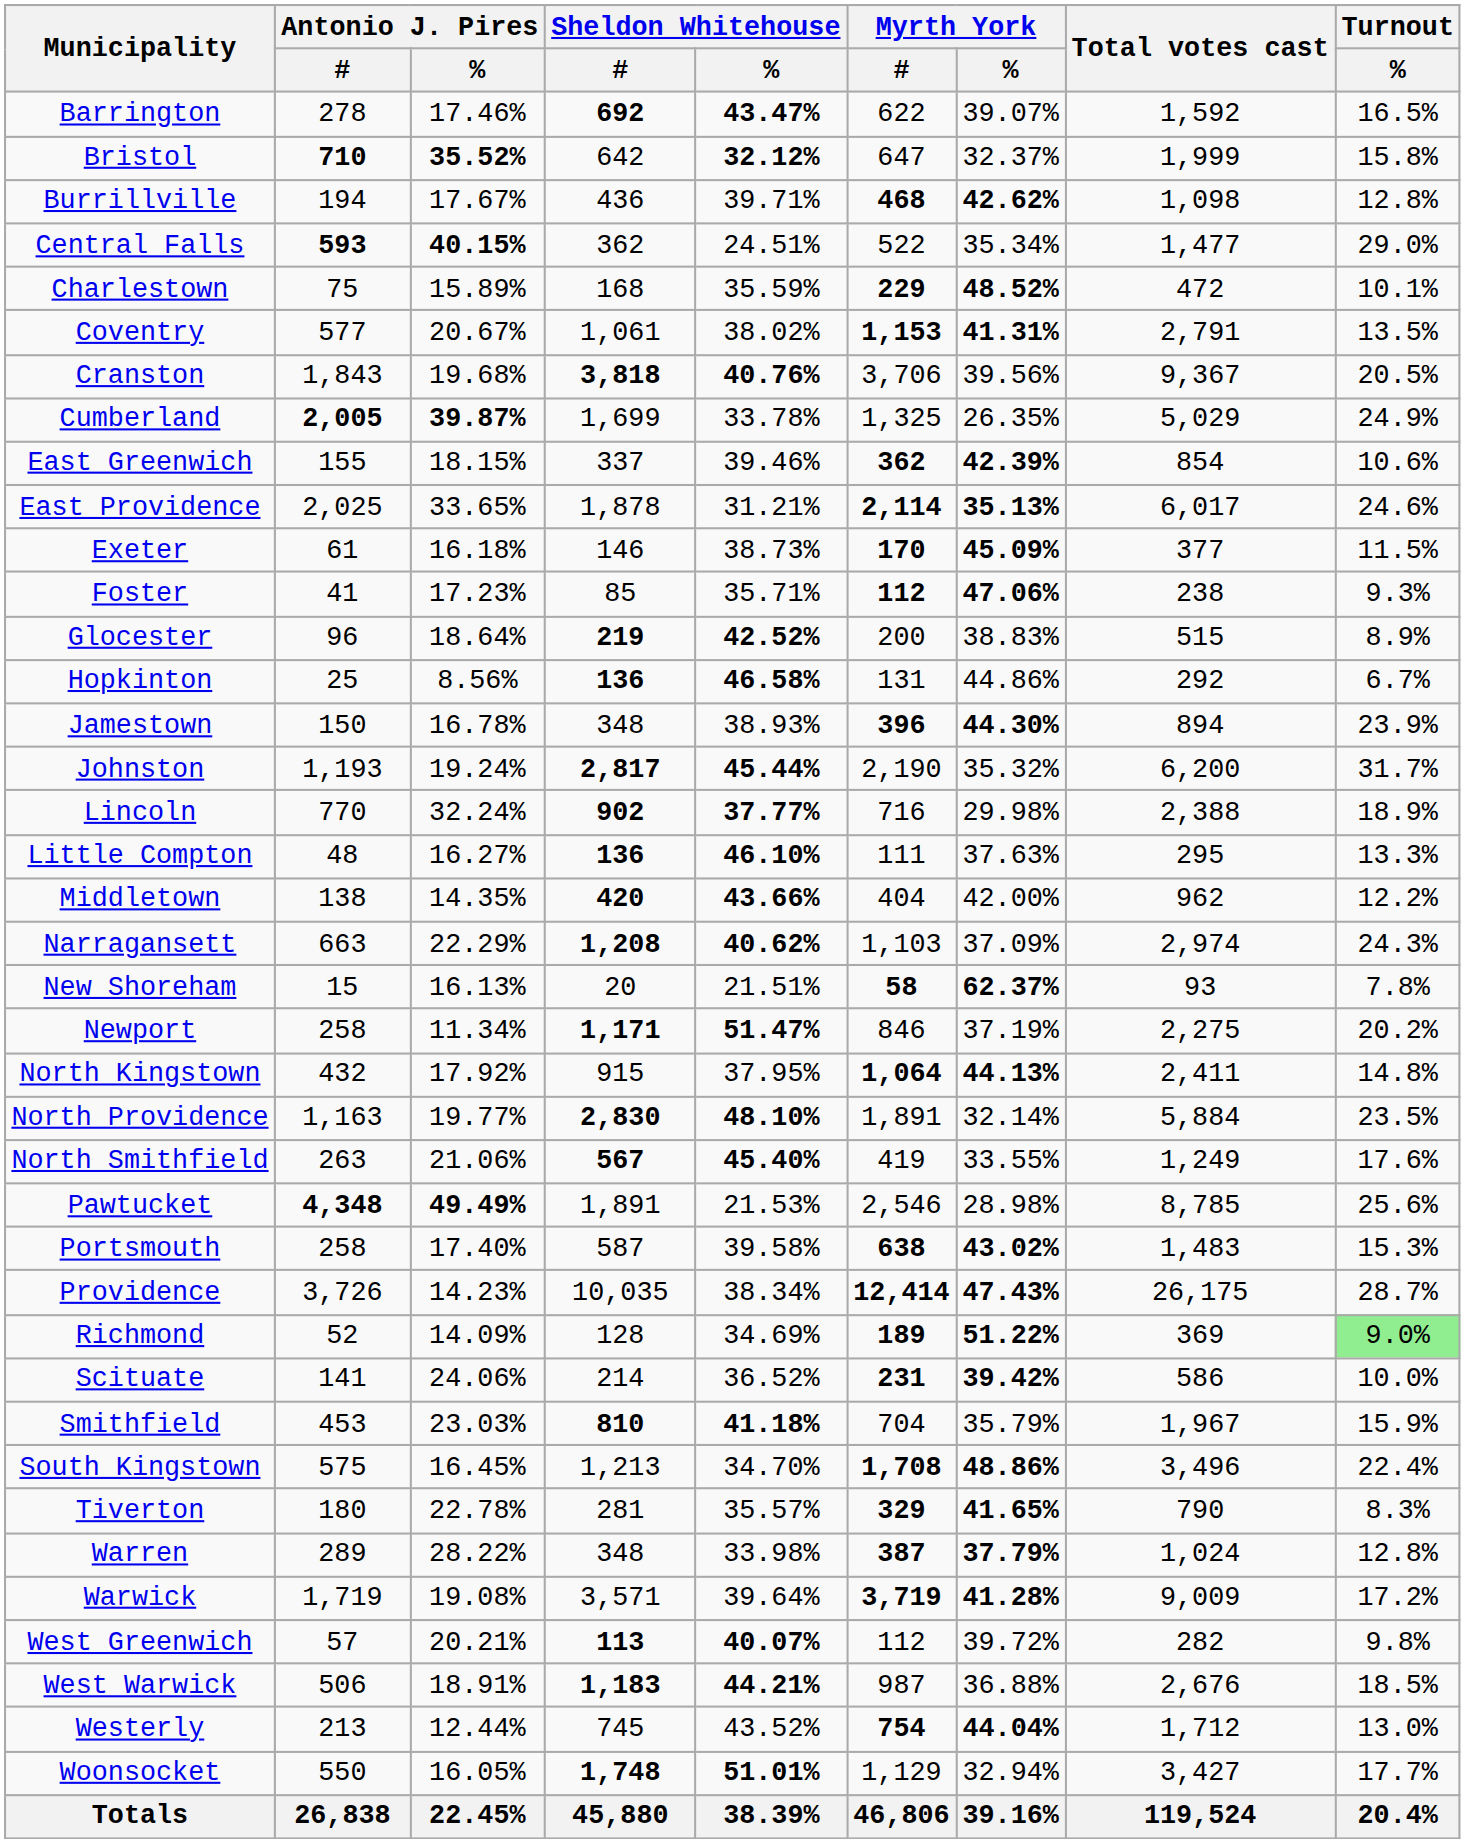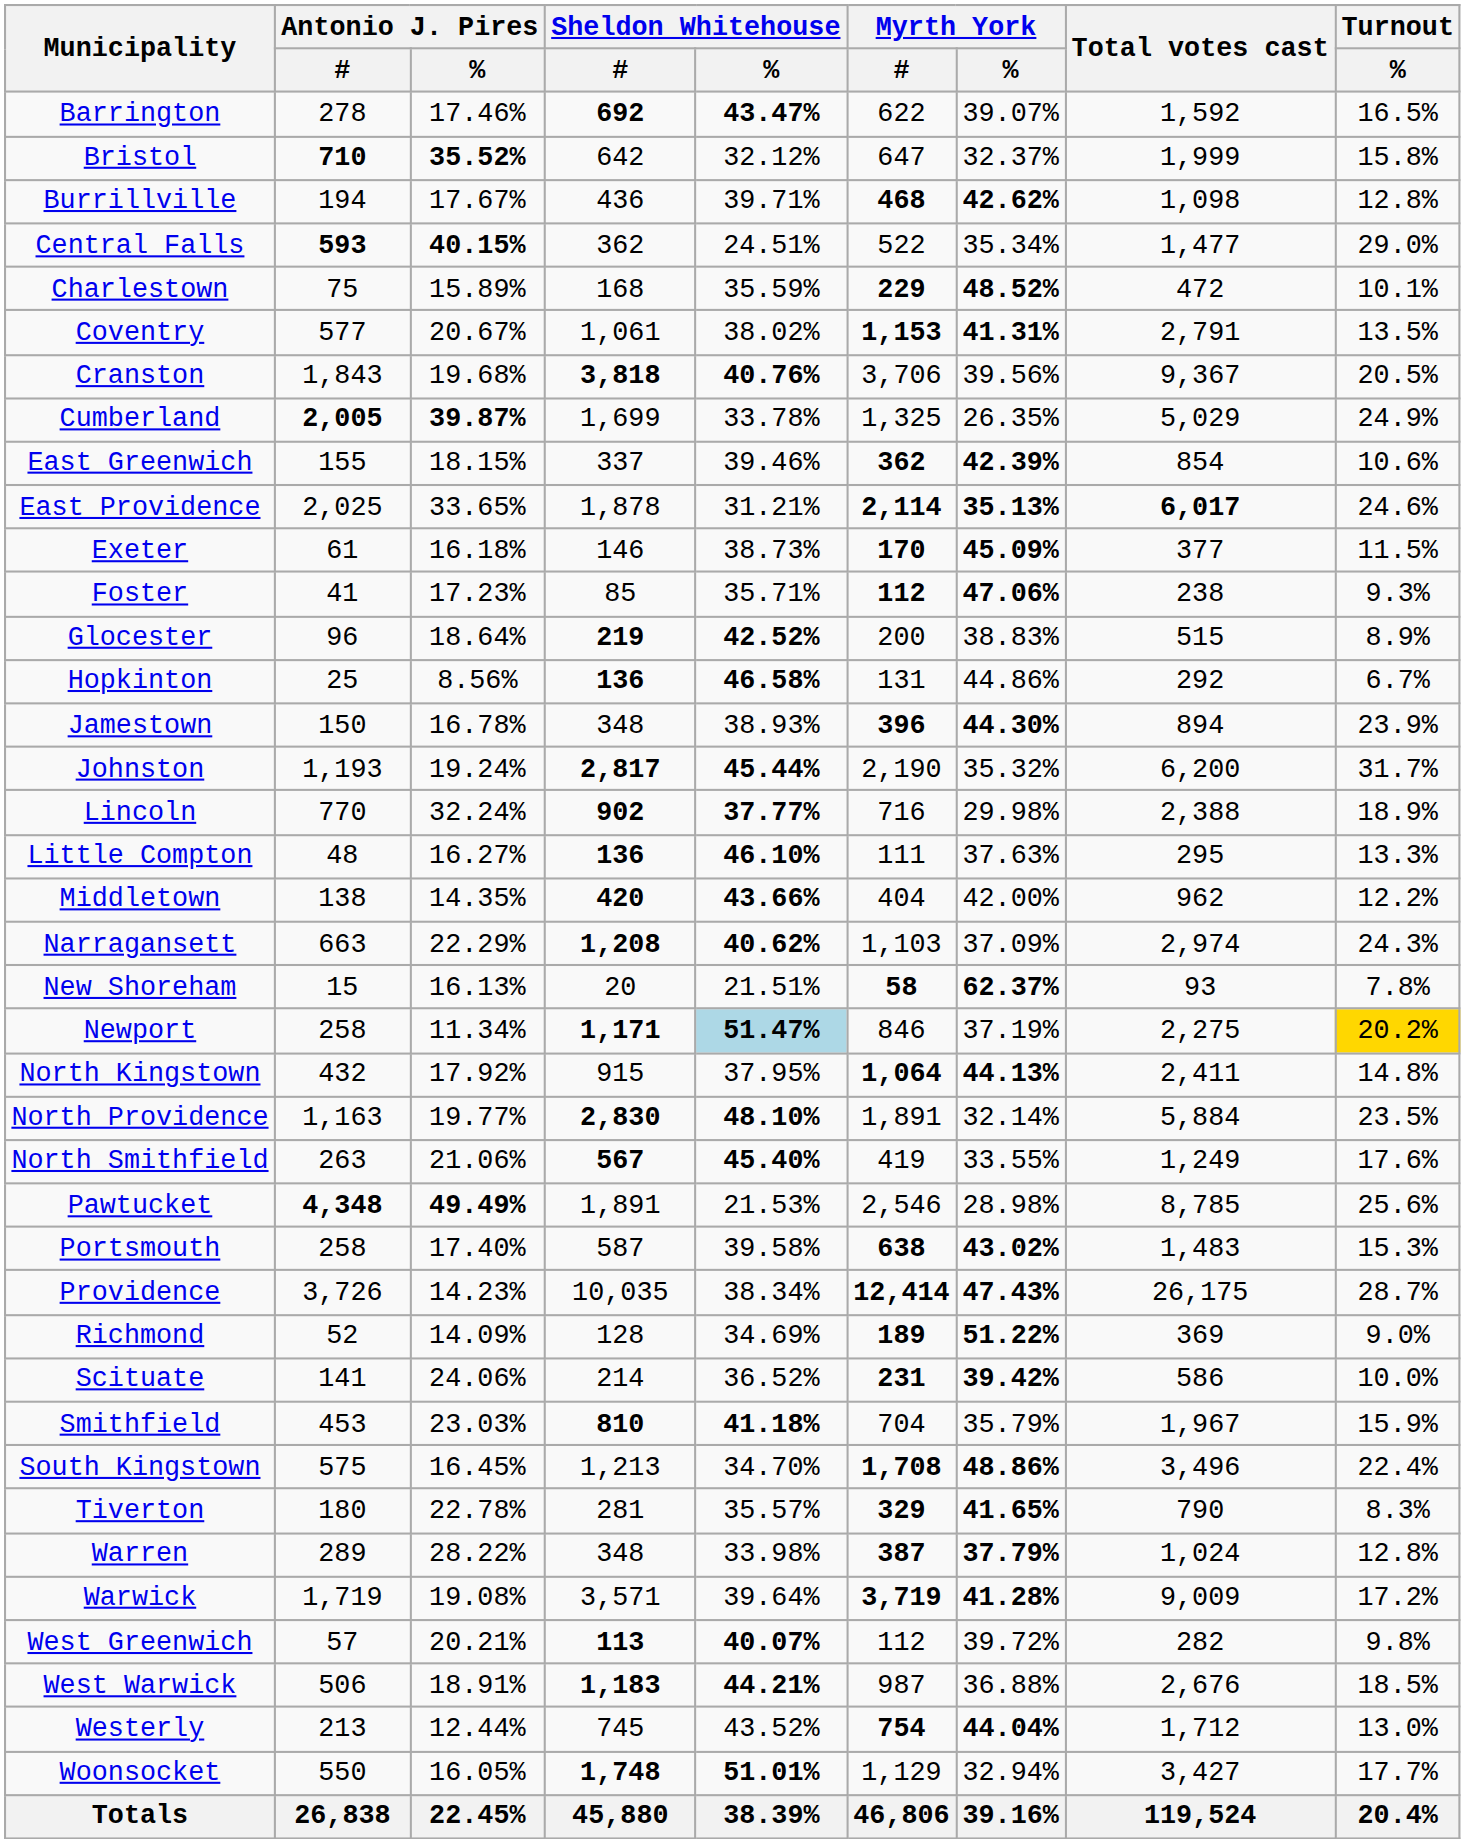 <table class="wikitable sortable">
 <tr>
 <th rowspan="2">Municipality</th>
 <th colspan="2">Antonio J. Pires</th>
 <th colspan="2"><a href='#'>Sheldon Whitehouse</a></th>
 <th colspan="2"><a href='#'>Myrth York</a></th>
 <th rowspan="2">Total votes cast</th>
 <th rowspan="1">Turnout</th>
 </tr>
 <tr>
 <th data-sort-type="number" style="text-align:center;">#</th>
 <th data-sort-type="number" style="text-align:center;">%</th>
 <th data-sort-type="number" style="text-align:center;">#</th>
 <th data-sort-type="number" style="text-align:center;">%</th>
 <th data-sort-type="number" style="text-align:center;">#</th>
 <th data-sort-type="number" style="text-align:center;">%</th>
 <th data-sort-type="number" style="text-align:center;">%</th>
 </tr>
 <tr style="text-align:center;">
 <td><a href='#'>Barrington</a></td>
 <td>278</td>
 <td>17.46%</td>
 <td><strong>692</strong></td>
 <td><strong>43.47%</strong></td>
 <td>622</td>
 <td>39.07%</td>
 <td>1,592</td>
 <td>16.5%</td>
 </tr>
 <tr style="text-align:center;">
 <td><a href='#'>Bristol</a></td>
 <td><strong>710</strong></td>
 <td><strong>35.52%</strong></td>
 <td>642</td>
-<td><strong>32.12%</strong></td>
+<td>32.12%</td>
 <td>647</td>
 <td>32.37%</td>
 <td>1,999</td>
 <td>15.8%</td>
 </tr>
 <tr style="text-align:center;">
 <td><a href='#'>Burrillville</a></td>
 <td>194</td>
 <td>17.67%</td>
 <td>436</td>
 <td>39.71%</td>
 <td><strong>468</strong></td>
 <td><strong>42.62%</strong></td>
 <td>1,098</td>
 <td>12.8%</td>
 </tr>
 <tr style="text-align:center;">
 <td><a href='#'>Central Falls</a></td>
 <td><strong>593</strong></td>
 <td><strong>40.15%</strong></td>
 <td>362</td>
 <td>24.51%</td>
 <td>522</td>
 <td>35.34%</td>
 <td>1,477</td>
 <td>29.0%</td>
 </tr>
 <tr style="text-align:center;">
 <td><a href='#'>Charlestown</a></td>
 <td>75</td>
 <td>15.89%</td>
 <td>168</td>
 <td>35.59%</td>
 <td><strong>229</strong></td>
 <td><strong>48.52%</strong></td>
 <td>472</td>
 <td>10.1%</td>
 </tr>
 <tr style="text-align:center;">
 <td><a href='#'>Coventry</a></td>
 <td>577</td>
 <td>20.67%</td>
 <td>1,061</td>
 <td>38.02%</td>
 <td><strong>1,153</strong></td>
 <td><strong>41.31%</strong></td>
 <td>2,791</td>
 <td>13.5%</td>
 </tr>
 <tr style="text-align:center;">
 <td><a href='#'>Cranston</a></td>
 <td>1,843</td>
 <td>19.68%</td>
 <td><strong>3,818</strong></td>
 <td><strong>40.76%</strong></td>
 <td>3,706</td>
 <td>39.56%</td>
 <td>9,367</td>
 <td>20.5%</td>
 </tr>
 <tr style="text-align:center;">
 <td><a href='#'>Cumberland</a></td>
 <td><strong>2,005</strong></td>
 <td><strong>39.87%</strong></td>
 <td>1,699</td>
 <td>33.78%</td>
 <td>1,325</td>
 <td>26.35%</td>
 <td>5,029</td>
 <td>24.9%</td>
 </tr>
 <tr style="text-align:center;">
 <td><a href='#'>East Greenwich</a></td>
 <td>155</td>
 <td>18.15%</td>
 <td>337</td>
 <td>39.46%</td>
 <td><strong>362</strong></td>
 <td><strong>42.39%</strong></td>
 <td>854</td>
 <td>10.6%</td>
 </tr>
 <tr style="text-align:center;">
 <td><a href='#'>East Providence</a></td>
 <td>2,025</td>
 <td>33.65%</td>
 <td>1,878</td>
 <td>31.21%</td>
 <td><strong>2,114</strong></td>
 <td><strong>35.13%</strong></td>
-<td>6,017</td>
+<td><strong>6,017</strong></td>
 <td>24.6%</td>
 </tr>
 <tr style="text-align:center;">
 <td><a href='#'>Exeter</a></td>
 <td>61</td>
 <td>16.18%</td>
 <td>146</td>
 <td>38.73%</td>
 <td><strong>170</strong></td>
 <td><strong>45.09%</strong></td>
 <td>377</td>
 <td>11.5%</td>
 </tr>
 <tr style="text-align:center;">
 <td><a href='#'>Foster</a></td>
 <td>41</td>
 <td>17.23%</td>
 <td>85</td>
 <td>35.71%</td>
 <td><strong>112</strong></td>
 <td><strong>47.06%</strong></td>
 <td>238</td>
 <td>9.3%</td>
 </tr>
 <tr style="text-align:center;">
 <td><a href='#'>Glocester</a></td>
 <td>96</td>
 <td>18.64%</td>
 <td><strong>219</strong></td>
 <td><strong>42.52%</strong></td>
 <td>200</td>
 <td>38.83%</td>
 <td>515</td>
 <td>8.9%</td>
 </tr>
 <tr style="text-align:center;">
 <td><a href='#'>Hopkinton</a></td>
 <td>25</td>
 <td>8.56%</td>
 <td><strong>136</strong></td>
 <td><strong>46.58%</strong></td>
 <td>131</td>
 <td>44.86%</td>
 <td>292</td>
 <td>6.7%</td>
 </tr>
 <tr style="text-align:center;">
 <td><a href='#'>Jamestown</a></td>
 <td>150</td>
 <td>16.78%</td>
 <td>348</td>
 <td>38.93%</td>
 <td><strong>396</strong></td>
 <td><strong>44.30%</strong></td>
 <td>894</td>
 <td>23.9%</td>
 </tr>
 <tr style="text-align:center;">
 <td><a href='#'>Johnston</a></td>
 <td>1,193</td>
 <td>19.24%</td>
 <td><strong>2,817</strong></td>
 <td><strong>45.44%</strong></td>
 <td>2,190</td>
 <td>35.32%</td>
 <td>6,200</td>
 <td>31.7%</td>
 </tr>
 <tr style="text-align:center;">
 <td><a href='#'>Lincoln</a></td>
 <td>770</td>
 <td>32.24%</td>
 <td><strong>902</strong></td>
 <td><strong>37.77%</strong></td>
 <td>716</td>
 <td>29.98%</td>
 <td>2,388</td>
 <td>18.9%</td>
 </tr>
 <tr style="text-align:center;">
 <td><a href='#'>Little Compton</a></td>
 <td>48</td>
 <td>16.27%</td>
 <td><strong>136</strong></td>
 <td><strong>46.10%</strong></td>
 <td>111</td>
 <td>37.63%</td>
 <td>295</td>
 <td>13.3%</td>
 </tr>
 <tr style="text-align:center;">
 <td><a href='#'>Middletown</a></td>
 <td>138</td>
 <td>14.35%</td>
 <td><strong>420</strong></td>
 <td><strong>43.66%</strong></td>
 <td>404</td>
 <td>42.00%</td>
 <td>962</td>
 <td>12.2%</td>
 </tr>
 <tr style="text-align:center;">
 <td><a href='#'>Narragansett</a></td>
 <td>663</td>
 <td>22.29%</td>
 <td><strong>1,208</strong></td>
 <td><strong>40.62%</strong></td>
 <td>1,103</td>
 <td>37.09%</td>
 <td>2,974</td>
 <td>24.3%</td>
 </tr>
 <tr style="text-align:center;">
 <td><a href='#'>New Shoreham</a></td>
 <td>15</td>
 <td>16.13%</td>
 <td>20</td>
 <td>21.51%</td>
 <td><strong>58</strong></td>
 <td><strong>62.37%</strong></td>
 <td>93</td>
 <td>7.8%</td>
 </tr>
 <tr style="text-align:center;">
 <td><a href='#'>Newport</a></td>
 <td>258</td>
 <td>11.34%</td>
 <td><strong>1,171</strong></td>
-<td><strong>51.47%</strong></td>
+<td style="background: lightblue;"><strong>51.47%</strong></td>
 <td>846</td>
 <td>37.19%</td>
 <td>2,275</td>
-<td>20.2%</td>
+<td style="background: gold;">20.2%</td>
 </tr>
 <tr style="text-align:center;">
 <td><a href='#'>North Kingstown</a></td>
 <td>432</td>
 <td>17.92%</td>
 <td>915</td>
 <td>37.95%</td>
 <td><strong>1,064</strong></td>
 <td><strong>44.13%</strong></td>
 <td>2,411</td>
 <td>14.8%</td>
 </tr>
 <tr style="text-align:center;">
 <td><a href='#'>North Providence</a></td>
 <td>1,163</td>
 <td>19.77%</td>
 <td><strong>2,830</strong></td>
 <td><strong>48.10%</strong></td>
 <td>1,891</td>
 <td>32.14%</td>
 <td>5,884</td>
 <td>23.5%</td>
 </tr>
 <tr style="text-align:center;">
 <td><a href='#'>North Smithfield</a></td>
 <td>263</td>
 <td>21.06%</td>
 <td><strong>567</strong></td>
 <td><strong>45.40%</strong></td>
 <td>419</td>
 <td>33.55%</td>
 <td>1,249</td>
 <td>17.6%</td>
 </tr>
 <tr style="text-align:center;">
 <td><a href='#'>Pawtucket</a></td>
 <td><strong>4,348</strong></td>
 <td><strong>49.49%</strong></td>
 <td>1,891</td>
 <td>21.53%</td>
 <td>2,546</td>
 <td>28.98%</td>
 <td>8,785</td>
 <td>25.6%</td>
 </tr>
 <tr style="text-align:center;">
 <td><a href='#'>Portsmouth</a></td>
 <td>258</td>
 <td>17.40%</td>
 <td>587</td>
 <td>39.58%</td>
 <td><strong>638</strong></td>
 <td><strong>43.02%</strong></td>
 <td>1,483</td>
 <td>15.3%</td>
 </tr>
 <tr style="text-align:center;">
 <td><a href='#'>Providence</a></td>
 <td>3,726</td>
 <td>14.23%</td>
 <td>10,035</td>
 <td>38.34%</td>
 <td><strong>12,414</strong></td>
 <td><strong>47.43%</strong></td>
 <td>26,175</td>
 <td>28.7%</td>
 </tr>
 <tr style="text-align:center;">
 <td><a href='#'>Richmond</a></td>
 <td>52</td>
 <td>14.09%</td>
 <td>128</td>
 <td>34.69%</td>
 <td><strong>189</strong></td>
 <td><strong>51.22%</strong></td>
 <td>369</td>
-<td style="background: lightgreen;">9.0%</td>
+<td>9.0%</td>
 </tr>
 <tr - style="text-align:center;">
 <td><a href='#'>Scituate</a></td>
 <td>141</td>
 <td>24.06%</td>
 <td>214</td>
 <td>36.52%</td>
 <td><strong>231</strong></td>
 <td><strong>39.42%</strong></td>
 <td>586</td>
 <td>10.0%</td>
 </tr>
 <tr - style="text-align:center;">
 <td><a href='#'>Smithfield</a></td>
 <td>453</td>
 <td>23.03%</td>
 <td><strong>810</strong></td>
 <td><strong>41.18%</strong></td>
 <td>704</td>
 <td>35.79%</td>
 <td>1,967</td>
 <td>15.9%</td>
 </tr>
 <tr - style="text-align:center;">
 <td><a href='#'>South Kingstown</a></td>
 <td>575</td>
 <td>16.45%</td>
 <td>1,213</td>
 <td>34.70%</td>
 <td><strong>1,708</strong></td>
 <td><strong>48.86%</strong></td>
 <td>3,496</td>
 <td>22.4%</td>
 </tr>
 <tr - style="text-align:center;">
 <td><a href='#'>Tiverton</a></td>
 <td>180</td>
 <td>22.78%</td>
 <td>281</td>
 <td>35.57%</td>
 <td><strong>329</strong></td>
 <td><strong>41.65%</strong></td>
 <td>790</td>
 <td>8.3%</td>
 </tr>
 <tr - style="text-align:center;">
 <td><a href='#'>Warren</a></td>
 <td>289</td>
 <td>28.22%</td>
 <td>348</td>
 <td>33.98%</td>
 <td><strong>387</strong></td>
 <td><strong>37.79%</strong></td>
 <td>1,024</td>
 <td>12.8%</td>
 </tr>
 <tr - style="text-align:center;">
 <td><a href='#'>Warwick</a></td>
 <td>1,719</td>
 <td>19.08%</td>
 <td>3,571</td>
 <td>39.64%</td>
 <td><strong>3,719</strong></td>
 <td><strong>41.28%</strong></td>
 <td>9,009</td>
 <td>17.2%</td>
 </tr>
 <tr - style="text-align:center;">
 <td><a href='#'>West Greenwich</a></td>
 <td>57</td>
 <td>20.21%</td>
 <td><strong>113</strong></td>
 <td><strong>40.07%</strong></td>
 <td>112</td>
 <td>39.72%</td>
 <td>282</td>
 <td>9.8%</td>
 </tr>
 <tr - style="text-align:center;">
 <td><a href='#'>West Warwick</a></td>
 <td>506</td>
 <td>18.91%</td>
 <td><strong>1,183</strong></td>
 <td><strong>44.21%</strong></td>
 <td>987</td>
 <td>36.88%</td>
 <td>2,676</td>
 <td>18.5%</td>
 </tr>
 <tr - style="text-align:center;">
 <td><a href='#'>Westerly</a></td>
 <td>213</td>
 <td>12.44%</td>
 <td>745</td>
 <td>43.52%</td>
 <td><strong>754</strong></td>
 <td><strong>44.04%</strong></td>
 <td>1,712</td>
 <td>13.0%</td>
 </tr>
 <tr - style="text-align:center;">
 <td><a href='#'>Woonsocket</a></td>
 <td>550</td>
 <td>16.05%</td>
 <td><strong>1,748</strong></td>
 <td><strong>51.01%</strong></td>
 <td>1,129</td>
 <td>32.94%</td>
 <td>3,427</td>
 <td>17.7%</td>
 </tr>
 <tr style="text-align:center;">
 <th>Totals</th>
 <th>26,838</th>
 <th>22.45%</th>
 <th>45,880</th>
 <th>38.39%</th>
 <th>46,806</th>
 <th>39.16%</th>
 <th>119,524</th>
 <th>20.4%</th>
 </tr>
 </table>
